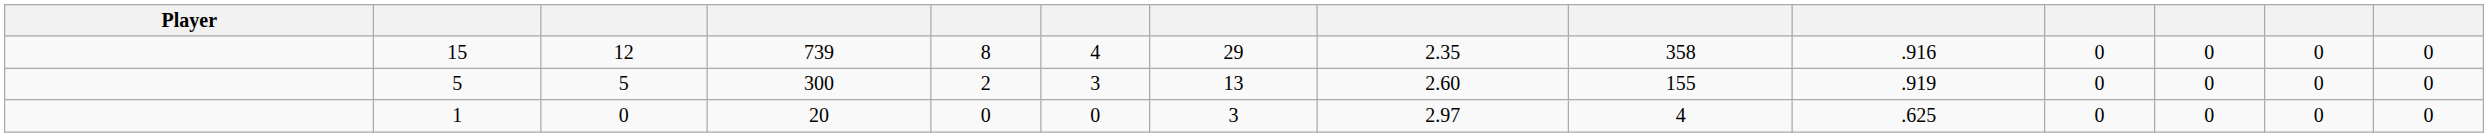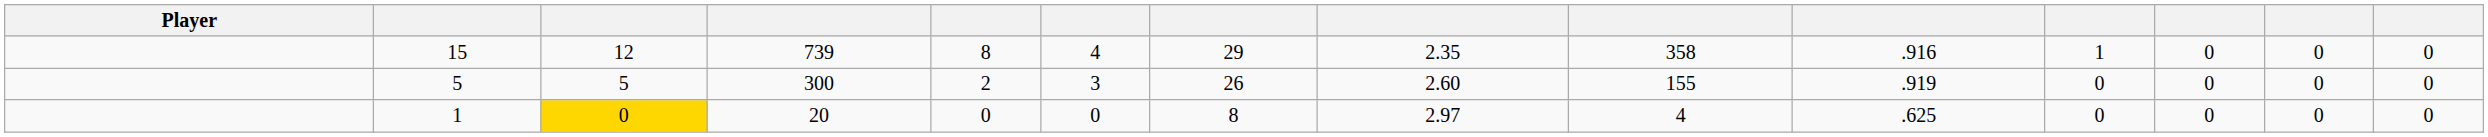 <table class="wikitable sortable" style="width:100%; text-align:center;">
 <tr style="text-align:center; background:#ddd;">
 <th>Player</th>
 <th></th>
 <th></th>
 <th></th>
 <th></th>
 <th></th>
 <th></th>
 <th></th>
 <th></th>
 <th></th>
 <th></th>
 <th></th>
 <th></th>
 <th></th>
 </tr>
 <tr>
 <td></td>
 <td>15</td>
 <td>12</td>
 <td>739</td>
 <td>8</td>
 <td>4</td>
 <td>29</td>
 <td>2.35</td>
 <td>358</td>
 <td>.916</td>
-<td>0</td>
+<td>1</td>
 <td>0</td>
 <td>0</td>
 <td>0</td>
 </tr>
 <tr>
 <td></td>
 <td>5</td>
 <td>5</td>
 <td>300</td>
 <td>2</td>
 <td>3</td>
-<td>13</td>
+<td>26</td>
 <td>2.60</td>
 <td>155</td>
 <td>.919</td>
 <td>0</td>
 <td>0</td>
 <td>0</td>
 <td>0</td>
 </tr>
 <tr>
 <td></td>
 <td>1</td>
-<td>0</td>
+<td style="background: gold;">0</td>
 <td>20</td>
 <td>0</td>
 <td>0</td>
-<td>3</td>
+<td>8</td>
 <td>2.97</td>
 <td>4</td>
 <td>.625</td>
 <td>0</td>
 <td>0</td>
 <td>0</td>
 <td>0</td>
 </tr>
 </table>
